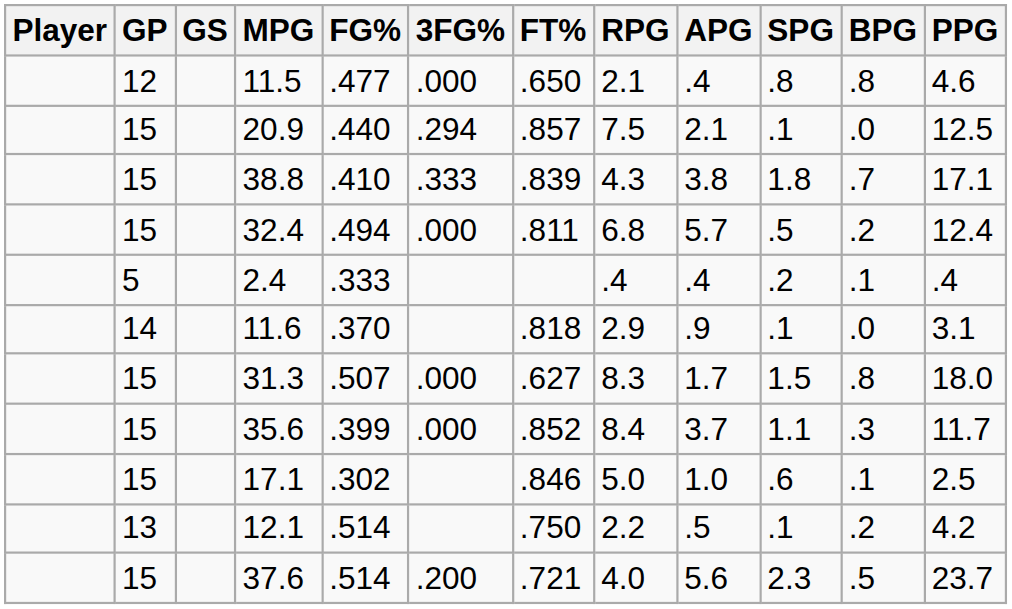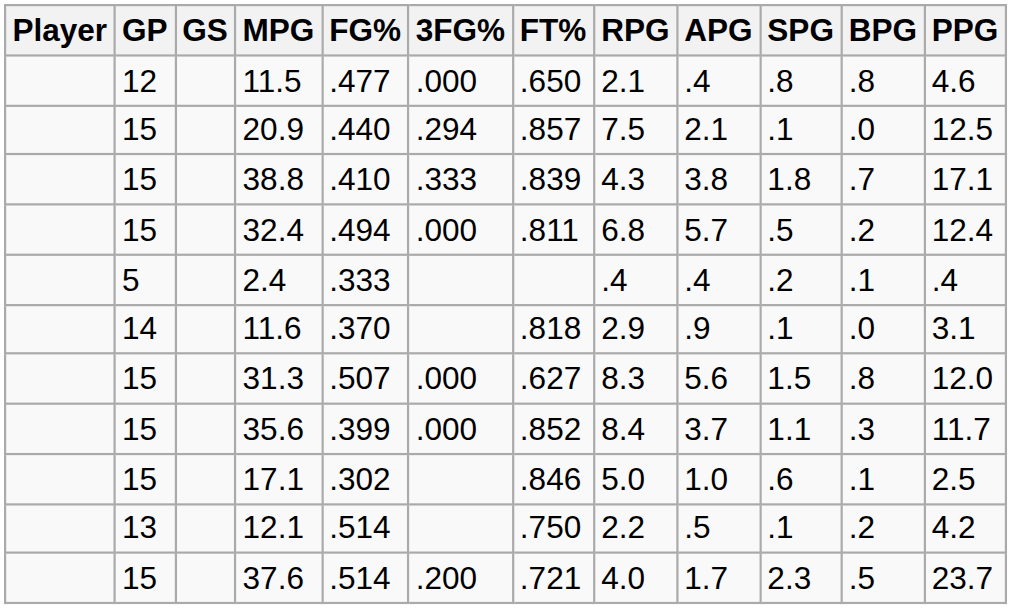 <table class="wikitable sortable" style="font-size: 90%">
 <tr>
 <th>Player</th>
 <th>GP</th>
 <th>GS</th>
 <th>MPG</th>
 <th>FG%</th>
 <th>3FG%</th>
 <th>FT%</th>
 <th>RPG</th>
 <th>APG</th>
 <th>SPG</th>
 <th>BPG</th>
 <th>PPG</th>
 </tr>
 <tr>
 <td></td>
 <td>12</td>
 <td></td>
 <td>11.5</td>
 <td>.477</td>
 <td>.000</td>
 <td>.650</td>
 <td>2.1</td>
 <td>.4</td>
 <td>.8</td>
 <td>.8</td>
 <td>4.6</td>
 </tr>
 <tr>
 <td></td>
 <td>15</td>
 <td></td>
 <td>20.9</td>
 <td>.440</td>
 <td>.294</td>
 <td>.857</td>
 <td>7.5</td>
 <td>2.1</td>
 <td>.1</td>
 <td>.0</td>
 <td>12.5</td>
 </tr>
 <tr>
 <td></td>
 <td>15</td>
 <td></td>
 <td>38.8</td>
 <td>.410</td>
 <td>.333</td>
 <td>.839</td>
 <td>4.3</td>
 <td>3.8</td>
 <td>1.8</td>
 <td>.7</td>
 <td>17.1</td>
 </tr>
 <tr>
 <td></td>
 <td>15</td>
 <td></td>
 <td>32.4</td>
 <td>.494</td>
 <td>.000</td>
 <td>.811</td>
 <td>6.8</td>
 <td>5.7</td>
 <td>.5</td>
 <td>.2</td>
 <td>12.4</td>
 </tr>
 <tr>
 <td></td>
 <td>5</td>
 <td></td>
 <td>2.4</td>
 <td>.333</td>
 <td></td>
 <td></td>
 <td>.4</td>
 <td>.4</td>
 <td>.2</td>
 <td>.1</td>
 <td>.4</td>
 </tr>
 <tr>
 <td></td>
 <td>14</td>
 <td></td>
 <td>11.6</td>
 <td>.370</td>
 <td></td>
 <td>.818</td>
 <td>2.9</td>
 <td>.9</td>
 <td>.1</td>
 <td>.0</td>
 <td>3.1</td>
 </tr>
 <tr>
 <td></td>
 <td>15</td>
 <td></td>
 <td>31.3</td>
 <td>.507</td>
 <td>.000</td>
 <td>.627</td>
 <td>8.3</td>
-<td>1.7</td>
+<td>5.6</td>
 <td>1.5</td>
 <td>.8</td>
-<td>18.0</td>
+<td>12.0</td>
 </tr>
 <tr>
 <td></td>
 <td>15</td>
 <td></td>
 <td>35.6</td>
 <td>.399</td>
 <td>.000</td>
 <td>.852</td>
 <td>8.4</td>
 <td>3.7</td>
 <td>1.1</td>
 <td>.3</td>
 <td>11.7</td>
 </tr>
 <tr>
 <td></td>
 <td>15</td>
 <td></td>
 <td>17.1</td>
 <td>.302</td>
 <td></td>
 <td>.846</td>
 <td>5.0</td>
 <td>1.0</td>
 <td>.6</td>
 <td>.1</td>
 <td>2.5</td>
 </tr>
 <tr>
 <td></td>
 <td>13</td>
 <td></td>
 <td>12.1</td>
 <td>.514</td>
 <td></td>
 <td>.750</td>
 <td>2.2</td>
 <td>.5</td>
 <td>.1</td>
 <td>.2</td>
 <td>4.2</td>
 </tr>
 <tr>
 <td></td>
 <td>15</td>
 <td></td>
 <td>37.6</td>
 <td>.514</td>
 <td>.200</td>
 <td>.721</td>
 <td>4.0</td>
-<td>5.6</td>
+<td>1.7</td>
 <td>2.3</td>
 <td>.5</td>
 <td>23.7</td>
 </tr>
 </table>
